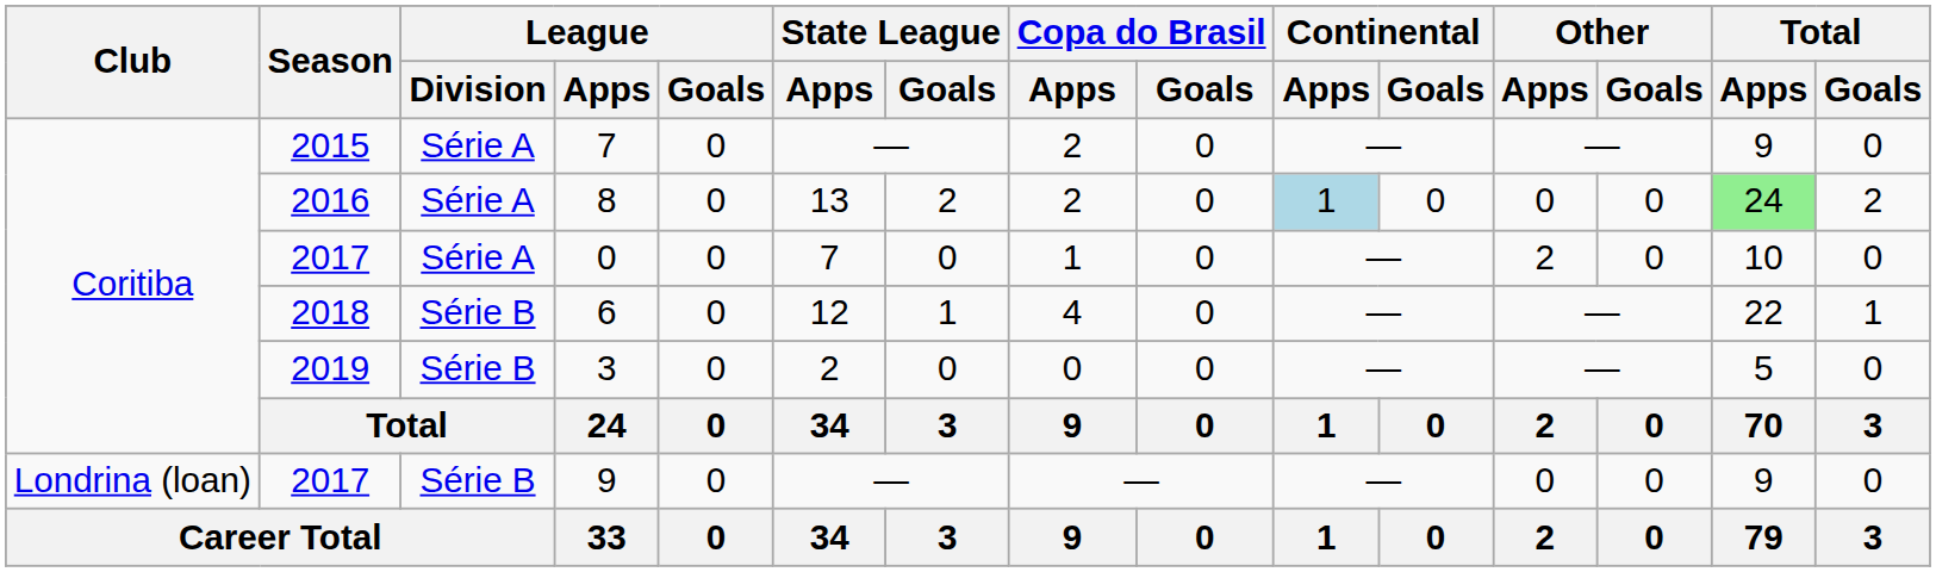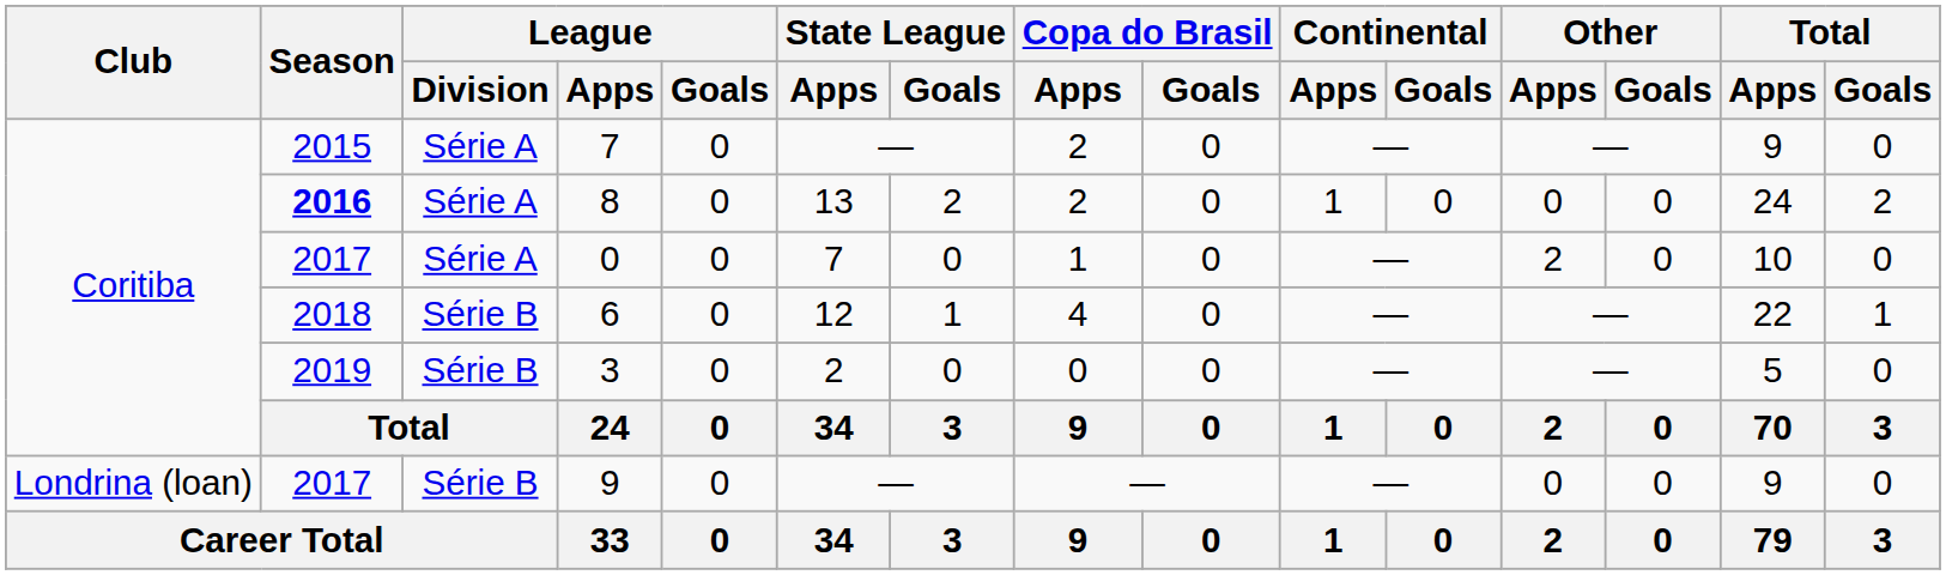 <table class=wikitable style="text-align: center">
 <tr>
 <th rowspan=2>Club</th>
 <th rowspan=2>Season</th>
 <th colspan=3>League</th>
 <th colspan=2>State League</th>
 <th colspan=2><a href='#'>Copa do Brasil</a></th>
 <th colspan=2>Continental</th>
 <th colspan=2>Other</th>
 <th colspan=2>Total</th>
 </tr>
 <tr>
 <th>Division</th>
 <th>Apps</th>
 <th>Goals</th>
 <th>Apps</th>
 <th>Goals</th>
 <th>Apps</th>
 <th>Goals</th>
 <th>Apps</th>
 <th>Goals</th>
 <th>Apps</th>
 <th>Goals</th>
 <th>Apps</th>
 <th>Goals</th>
 </tr>
 <tr>
 <td rowspan=6><a href='#'>Coritiba</a></td>
 <td><a href='#'>2015</a></td>
 <td><a href='#'>Série A</a></td>
 <td>7</td>
 <td>0</td>
 <td colspan=2>—</td>
 <td>2</td>
 <td>0</td>
 <td colspan=2>—</td>
 <td colspan=2>—</td>
 <td>9</td>
 <td>0</td>
 </tr>
 <tr>
-<td><a href='#'>2016</a></td>
+<td><strong><a href='#'>2016</a></strong></td>
 <td><a href='#'>Série A</a></td>
 <td>8</td>
 <td>0</td>
 <td>13</td>
 <td>2</td>
 <td>2</td>
 <td>0</td>
-<td style="background: lightblue;">1</td>
+<td>1</td>
 <td>0</td>
 <td>0</td>
 <td>0</td>
-<td style="background: lightgreen;">24</td>
+<td>24</td>
 <td>2</td>
 </tr>
 <tr>
 <td><a href='#'>2017</a></td>
 <td><a href='#'>Série A</a></td>
 <td>0</td>
 <td>0</td>
 <td>7</td>
 <td>0</td>
 <td>1</td>
 <td>0</td>
 <td colspan=2>—</td>
 <td>2</td>
 <td>0</td>
 <td>10</td>
 <td>0</td>
 </tr>
 <tr>
 <td><a href='#'>2018</a></td>
 <td><a href='#'>Série B</a></td>
 <td>6</td>
 <td>0</td>
 <td>12</td>
 <td>1</td>
 <td>4</td>
 <td>0</td>
 <td colspan=2>—</td>
 <td colspan=2>—</td>
 <td>22</td>
 <td>1</td>
 </tr>
 <tr>
 <td><a href='#'>2019</a></td>
 <td><a href='#'>Série B</a></td>
 <td>3</td>
 <td>0</td>
 <td>2</td>
 <td>0</td>
 <td>0</td>
 <td>0</td>
 <td colspan=2>—</td>
 <td colspan=2>—</td>
 <td>5</td>
 <td>0</td>
 </tr>
 <tr>
 <th colspan=2>Total</th>
 <th>24</th>
 <th>0</th>
 <th>34</th>
 <th>3</th>
 <th>9</th>
 <th>0</th>
 <th>1</th>
 <th>0</th>
 <th>2</th>
 <th>0</th>
 <th>70</th>
 <th>3</th>
 </tr>
 <tr>
 <td><a href='#'>Londrina</a> (loan)</td>
 <td><a href='#'>2017</a></td>
 <td><a href='#'>Série B</a></td>
 <td>9</td>
 <td>0</td>
 <td colspan=2>—</td>
 <td colspan=2>—</td>
 <td colspan=2>—</td>
 <td>0</td>
 <td>0</td>
 <td>9</td>
 <td>0</td>
 </tr>
 <tr>
 <th colspan=3>Career Total</th>
 <th>33</th>
 <th>0</th>
 <th>34</th>
 <th>3</th>
 <th>9</th>
 <th>0</th>
 <th>1</th>
 <th>0</th>
 <th>2</th>
 <th>0</th>
 <th>79</th>
 <th>3</th>
 </tr>
 </table>
